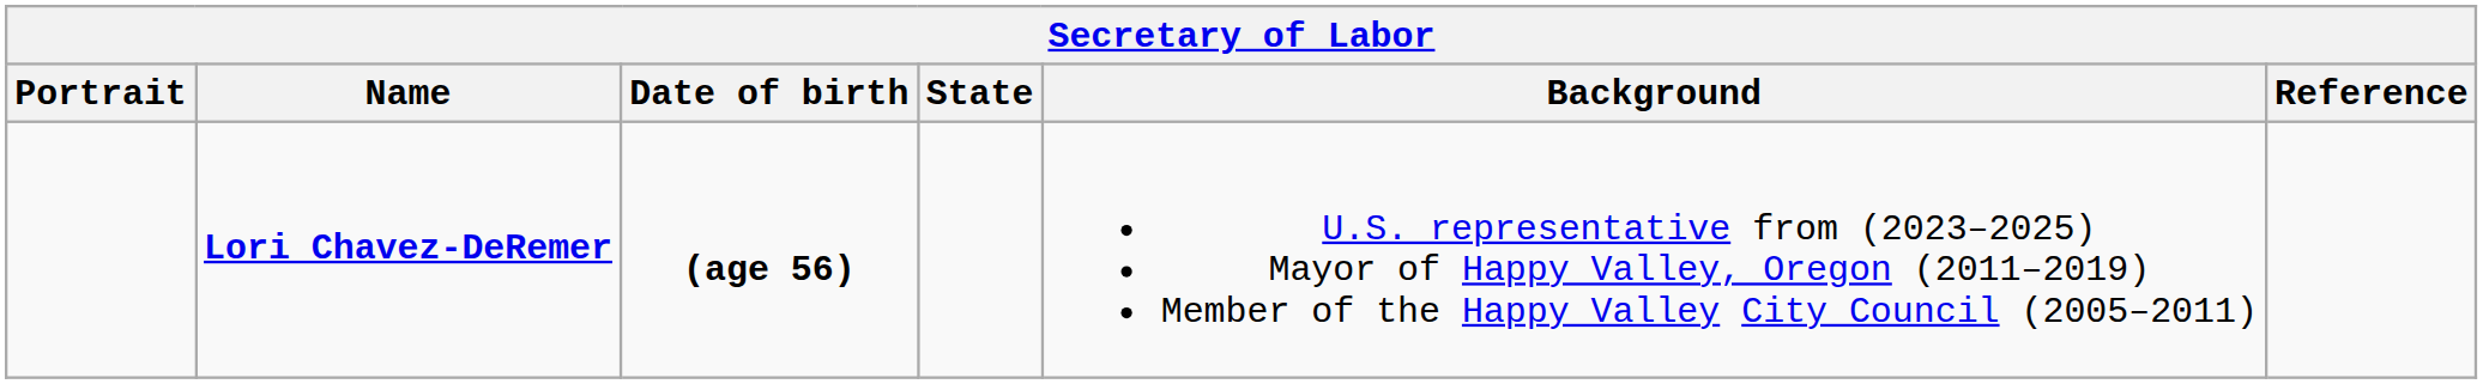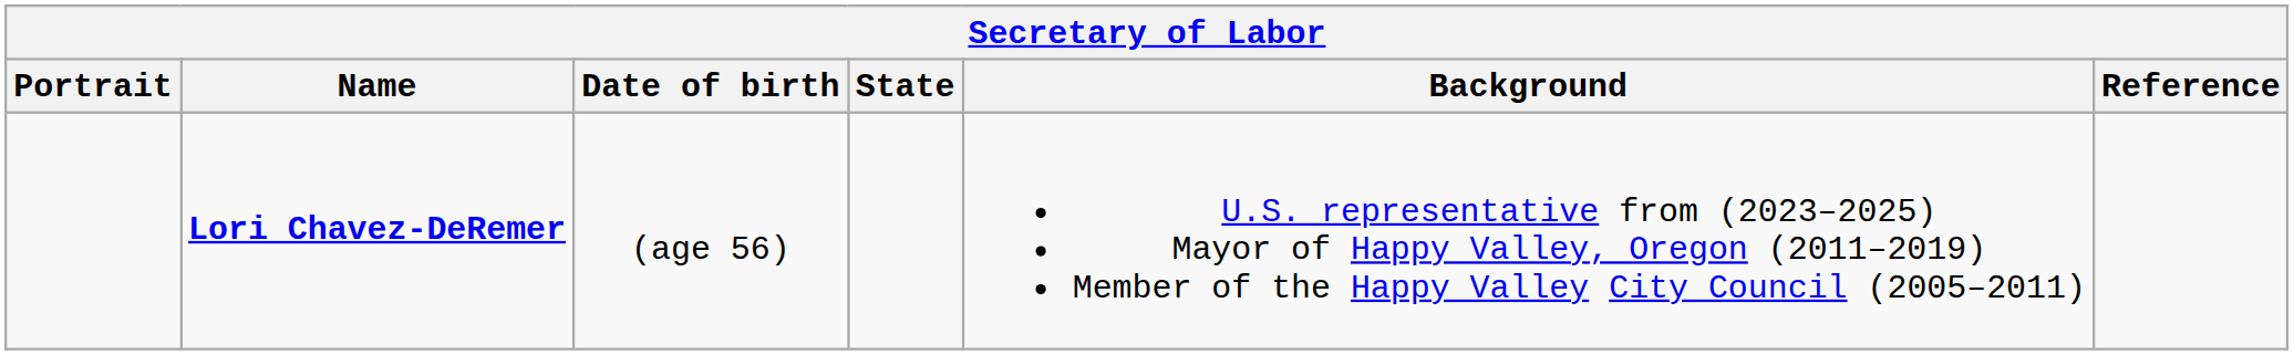 <table class="wikitable collapsible" style="text-align:center;">
 <tr>
 <th colspan="6"><a href='#'>Secretary of Labor</a></th>
 </tr>
 <tr>
 <th>Portrait</th>
 <th>Name</th>
 <th>Date of birth</th>
 <th>State</th>
 <th>Background</th>
 <th>Reference</th>
 </tr>
 <tr>
 <td></td>
 <td><strong><a href='#'>Lori Chavez-DeRemer</a></strong></td>
-<td><strong><br>(age 56)</strong></td>
+<td><br>(age 56)</td>
 <td></td>
 <td><br><ul><li><a href='#'>U.S. representative</a> from  (2023–2025)</li><li>Mayor of <a href='#'>Happy Valley, Oregon</a> (2011–2019)</li><li>Member of the <a href='#'>Happy Valley</a> <a href='#'>City Council</a> (2005–2011)</li></ul></td>
 <td></td>
 </tr>
 </table>
